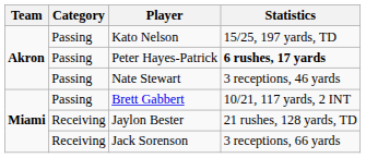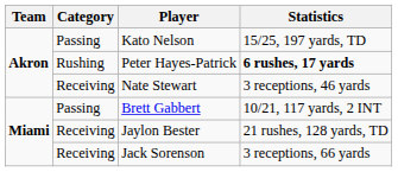 <table class="wikitable" style="float: left;">
 <tr>
 <th>Team</th>
 <th>Category</th>
 <th>Player</th>
 <th>Statistics</th>
 </tr>
 <tr>
 <td rowspan=3><strong>Akron</strong></td>
 <td>Passing</td>
 <td>Kato Nelson</td>
 <td>15/25, 197 yards, TD</td>
 </tr>
 <tr>
-<td>Passing</td>
+<td>Rushing</td>
 <td>Peter Hayes-Patrick</td>
 <td><strong>6 rushes, 17 yards</strong></td>
 </tr>
 <tr>
-<td>Passing</td>
+<td>Receiving</td>
 <td>Nate Stewart</td>
 <td>3 receptions, 46 yards</td>
 </tr>
 <tr>
 <td rowspan=3><strong>Miami</strong></td>
 <td>Passing</td>
 <td><a href='#'>Brett Gabbert</a></td>
 <td>10/21, 117 yards, 2 INT</td>
 </tr>
 <tr>
 <td>Receiving</td>
 <td>Jaylon Bester</td>
 <td>21 rushes, 128 yards, TD</td>
 </tr>
 <tr>
 <td>Receiving</td>
 <td>Jack Sorenson</td>
 <td>3 receptions, 66 yards</td>
 </tr>
 </table>
